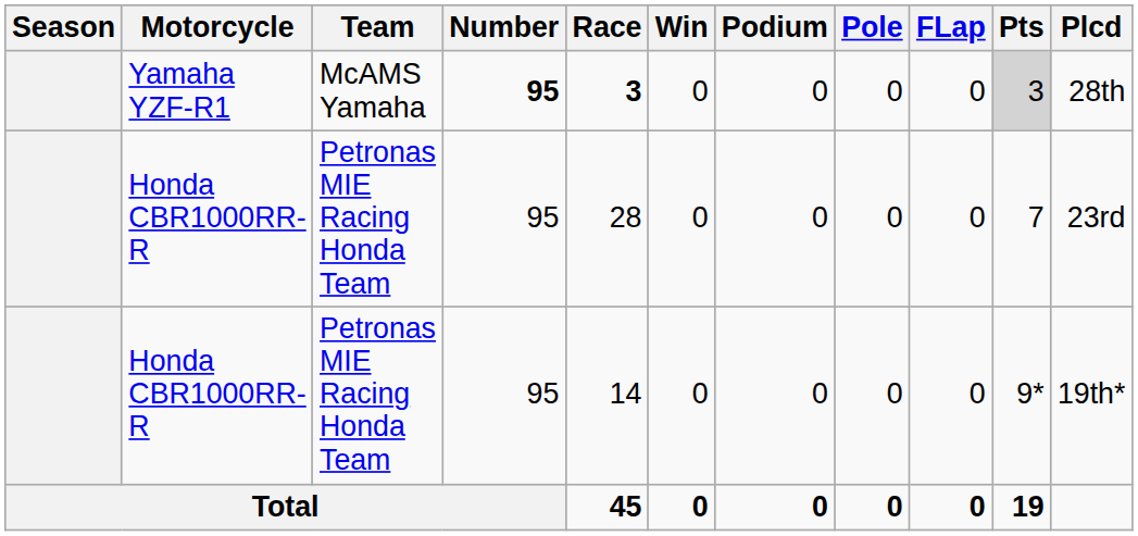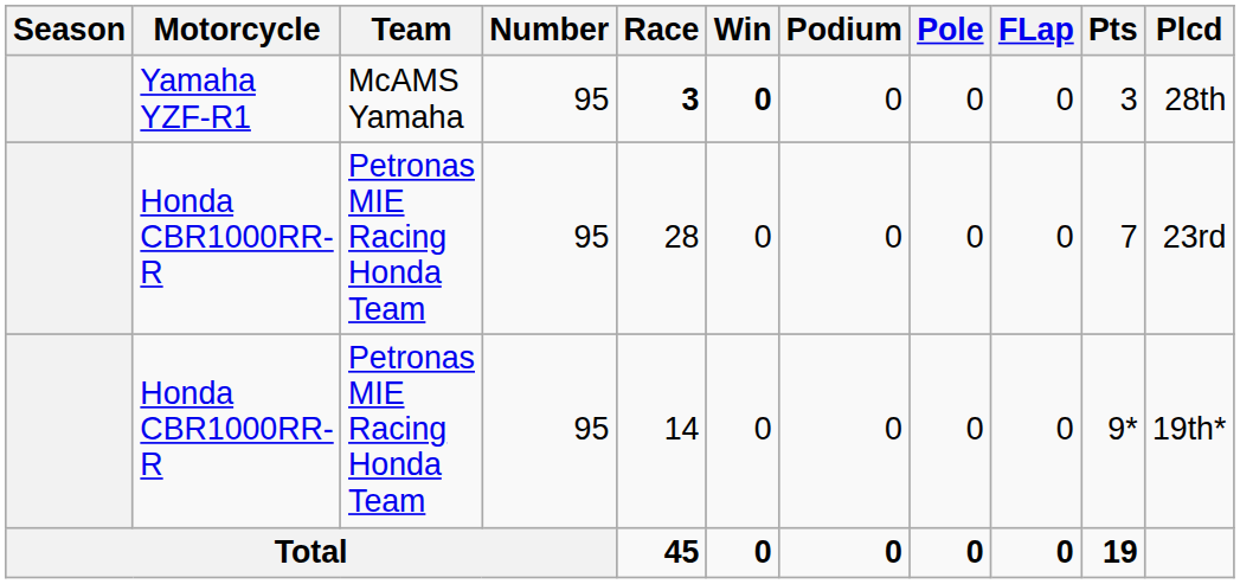 <table class="wikitable" style="text-align:right;">
 <tr>
 <th>Season</th>
 <th>Motorcycle</th>
 <th>Team</th>
 <th>Number</th>
 <th>Race</th>
 <th>Win</th>
 <th>Podium</th>
 <th><a href='#'>Pole</a></th>
 <th><a href='#'>FLap</a></th>
 <th>Pts</th>
 <th>Plcd</th>
 </tr>
 <tr>
 <th></th>
 <td style="text-align:left;"><a href='#'>Yamaha YZF-R1</a></td>
 <td style="text-align:left;">McAMS Yamaha</td>
-<td><strong>95</strong></td>
+<td>95</td>
 <td><strong>3</strong></td>
+<td><strong>0</strong></td>
 <td>0</td>
 <td>0</td>
 <td>0</td>
-<td>0</td>
-<td style="background: lightgrey;">3</td>
+<td>3</td>
 <td>28th</td>
 </tr>
 <tr>
 <th></th>
 <td style="text-align:left;"><a href='#'>Honda CBR1000RR-R</a></td>
 <td style="text-align:left;"><a href='#'>Petronas MIE Racing Honda Team</a></td>
 <td>95</td>
 <td>28</td>
 <td>0</td>
 <td>0</td>
 <td>0</td>
 <td>0</td>
 <td>7</td>
 <td>23rd</td>
 </tr>
 <tr>
 <th></th>
 <td style="text-align:left;"><a href='#'>Honda CBR1000RR-R</a></td>
 <td style="text-align:left;"><a href='#'>Petronas MIE Racing Honda Team</a></td>
 <td>95</td>
 <td>14</td>
 <td>0</td>
 <td>0</td>
 <td>0</td>
 <td>0</td>
 <td>9*</td>
 <td>19th*</td>
 </tr>
 <tr>
 <th colspan="4">Total</th>
 <td><strong>45</strong></td>
 <td><strong>0</strong></td>
 <td><strong>0</strong></td>
 <td><strong>0</strong></td>
 <td><strong>0</strong></td>
 <td><strong>19</strong></td>
 </tr>
 </table>
